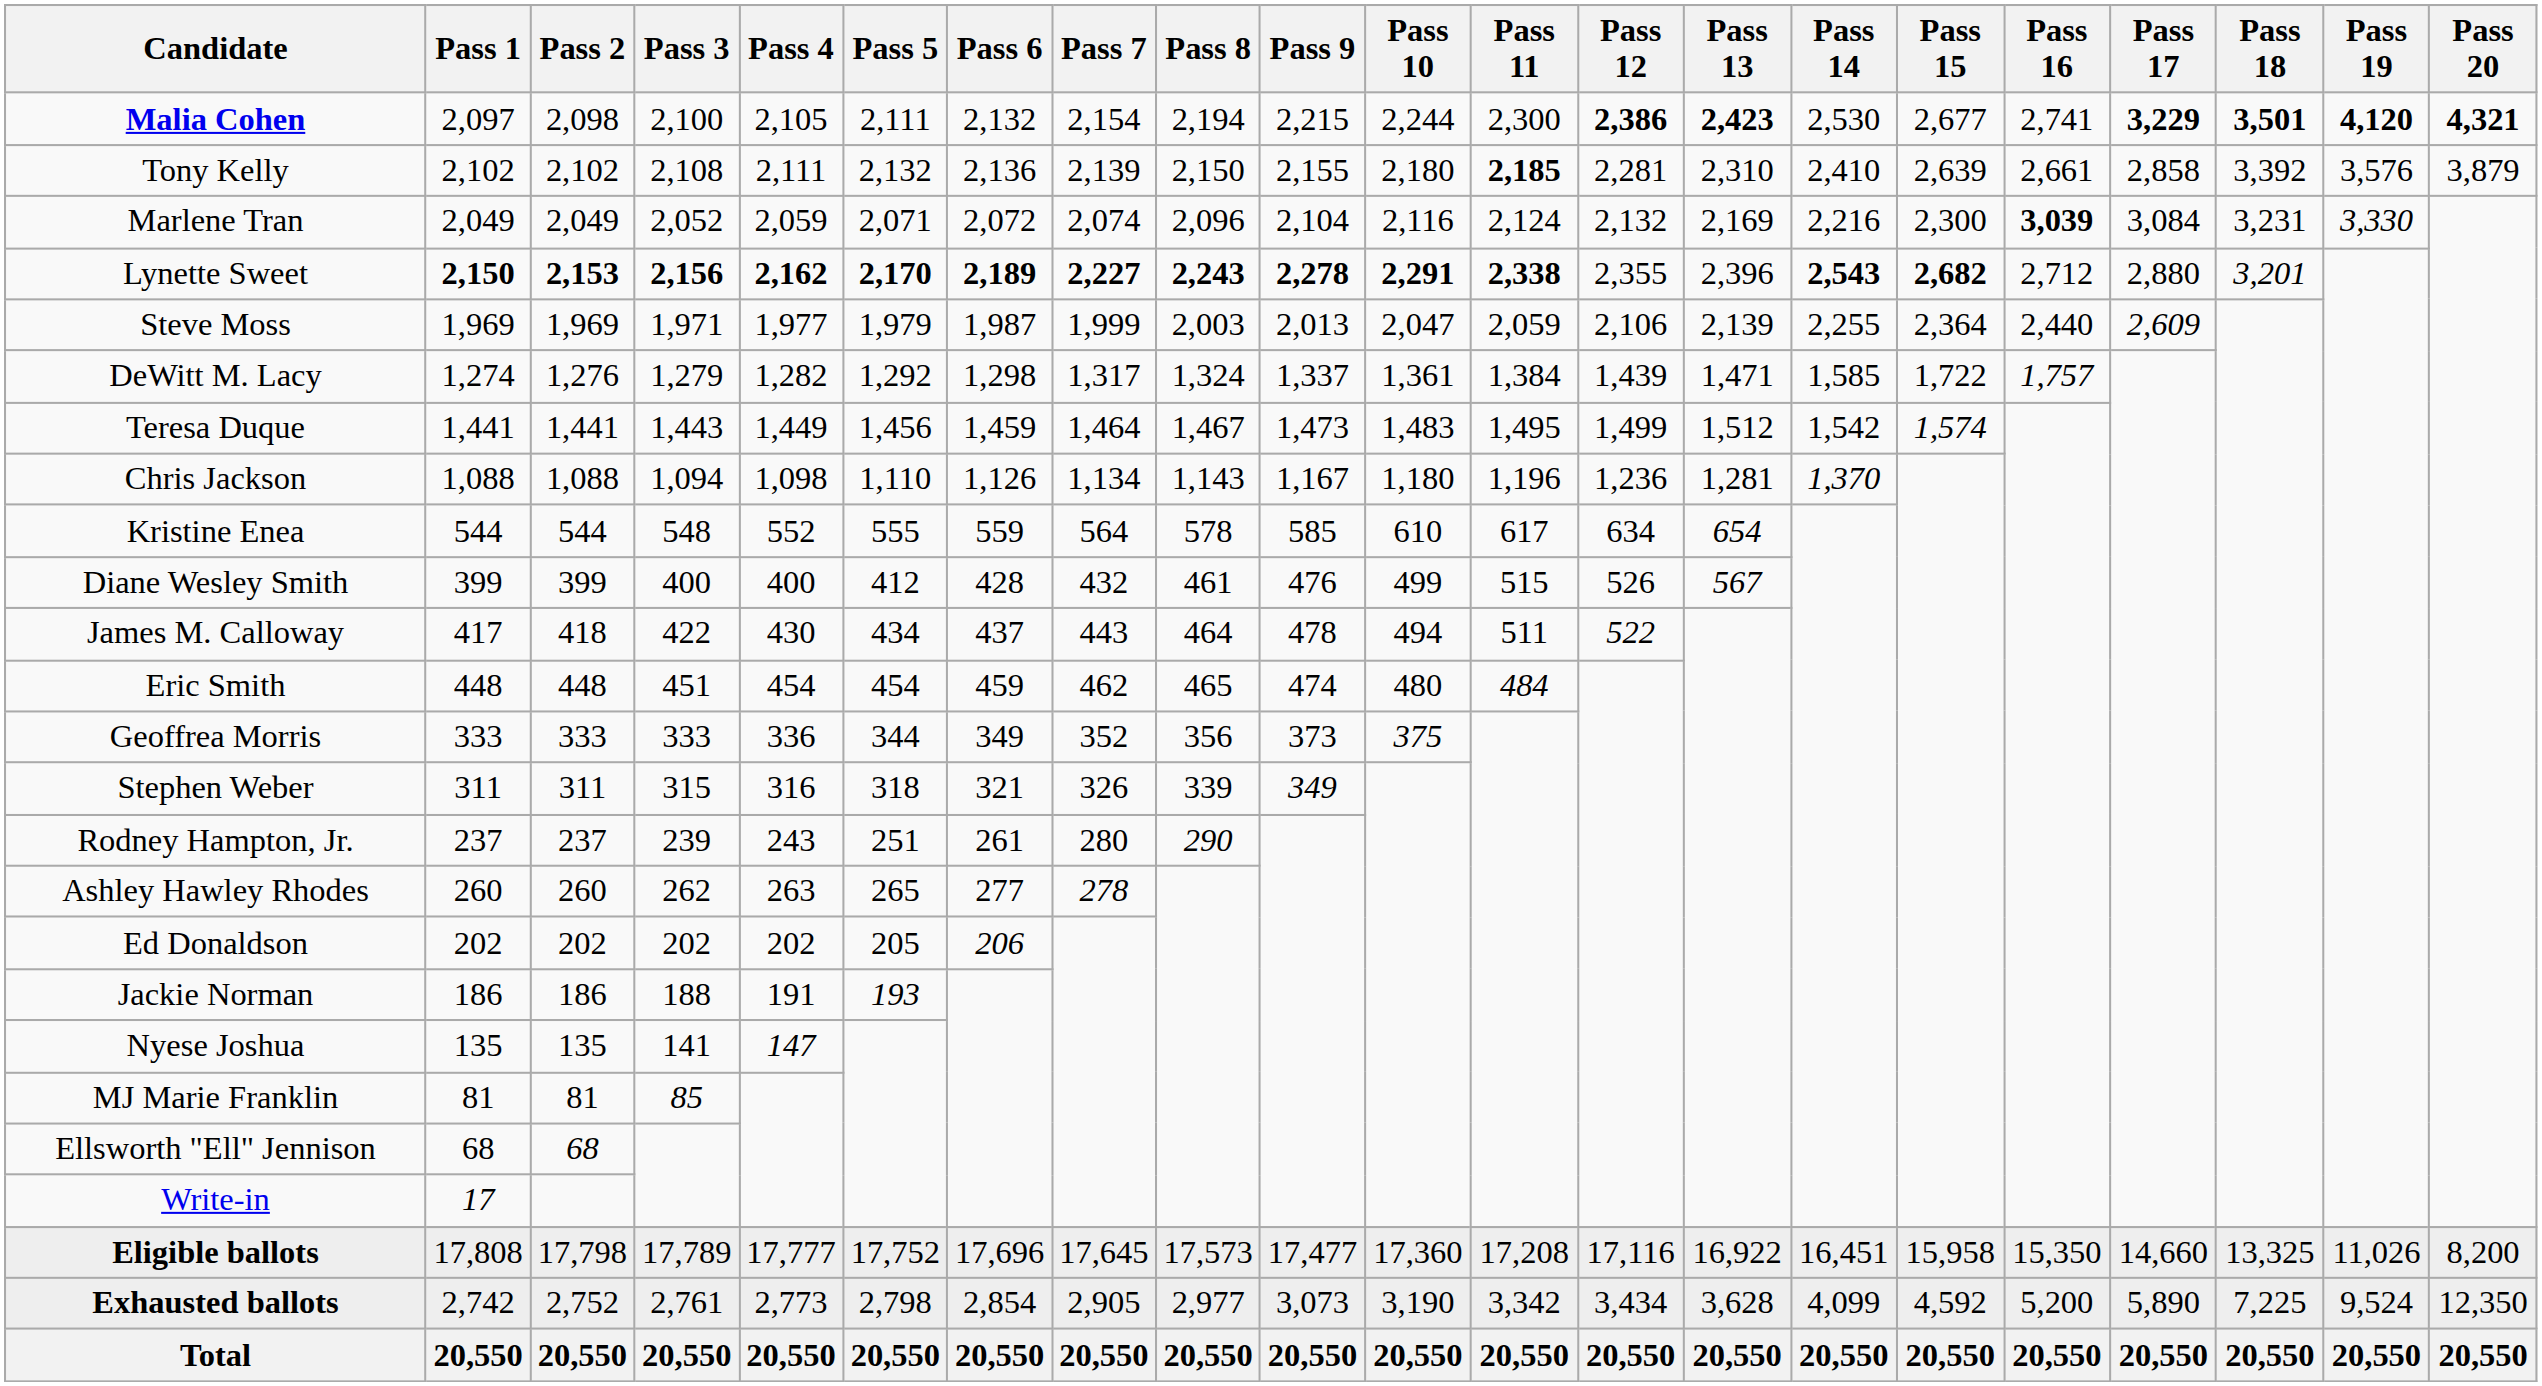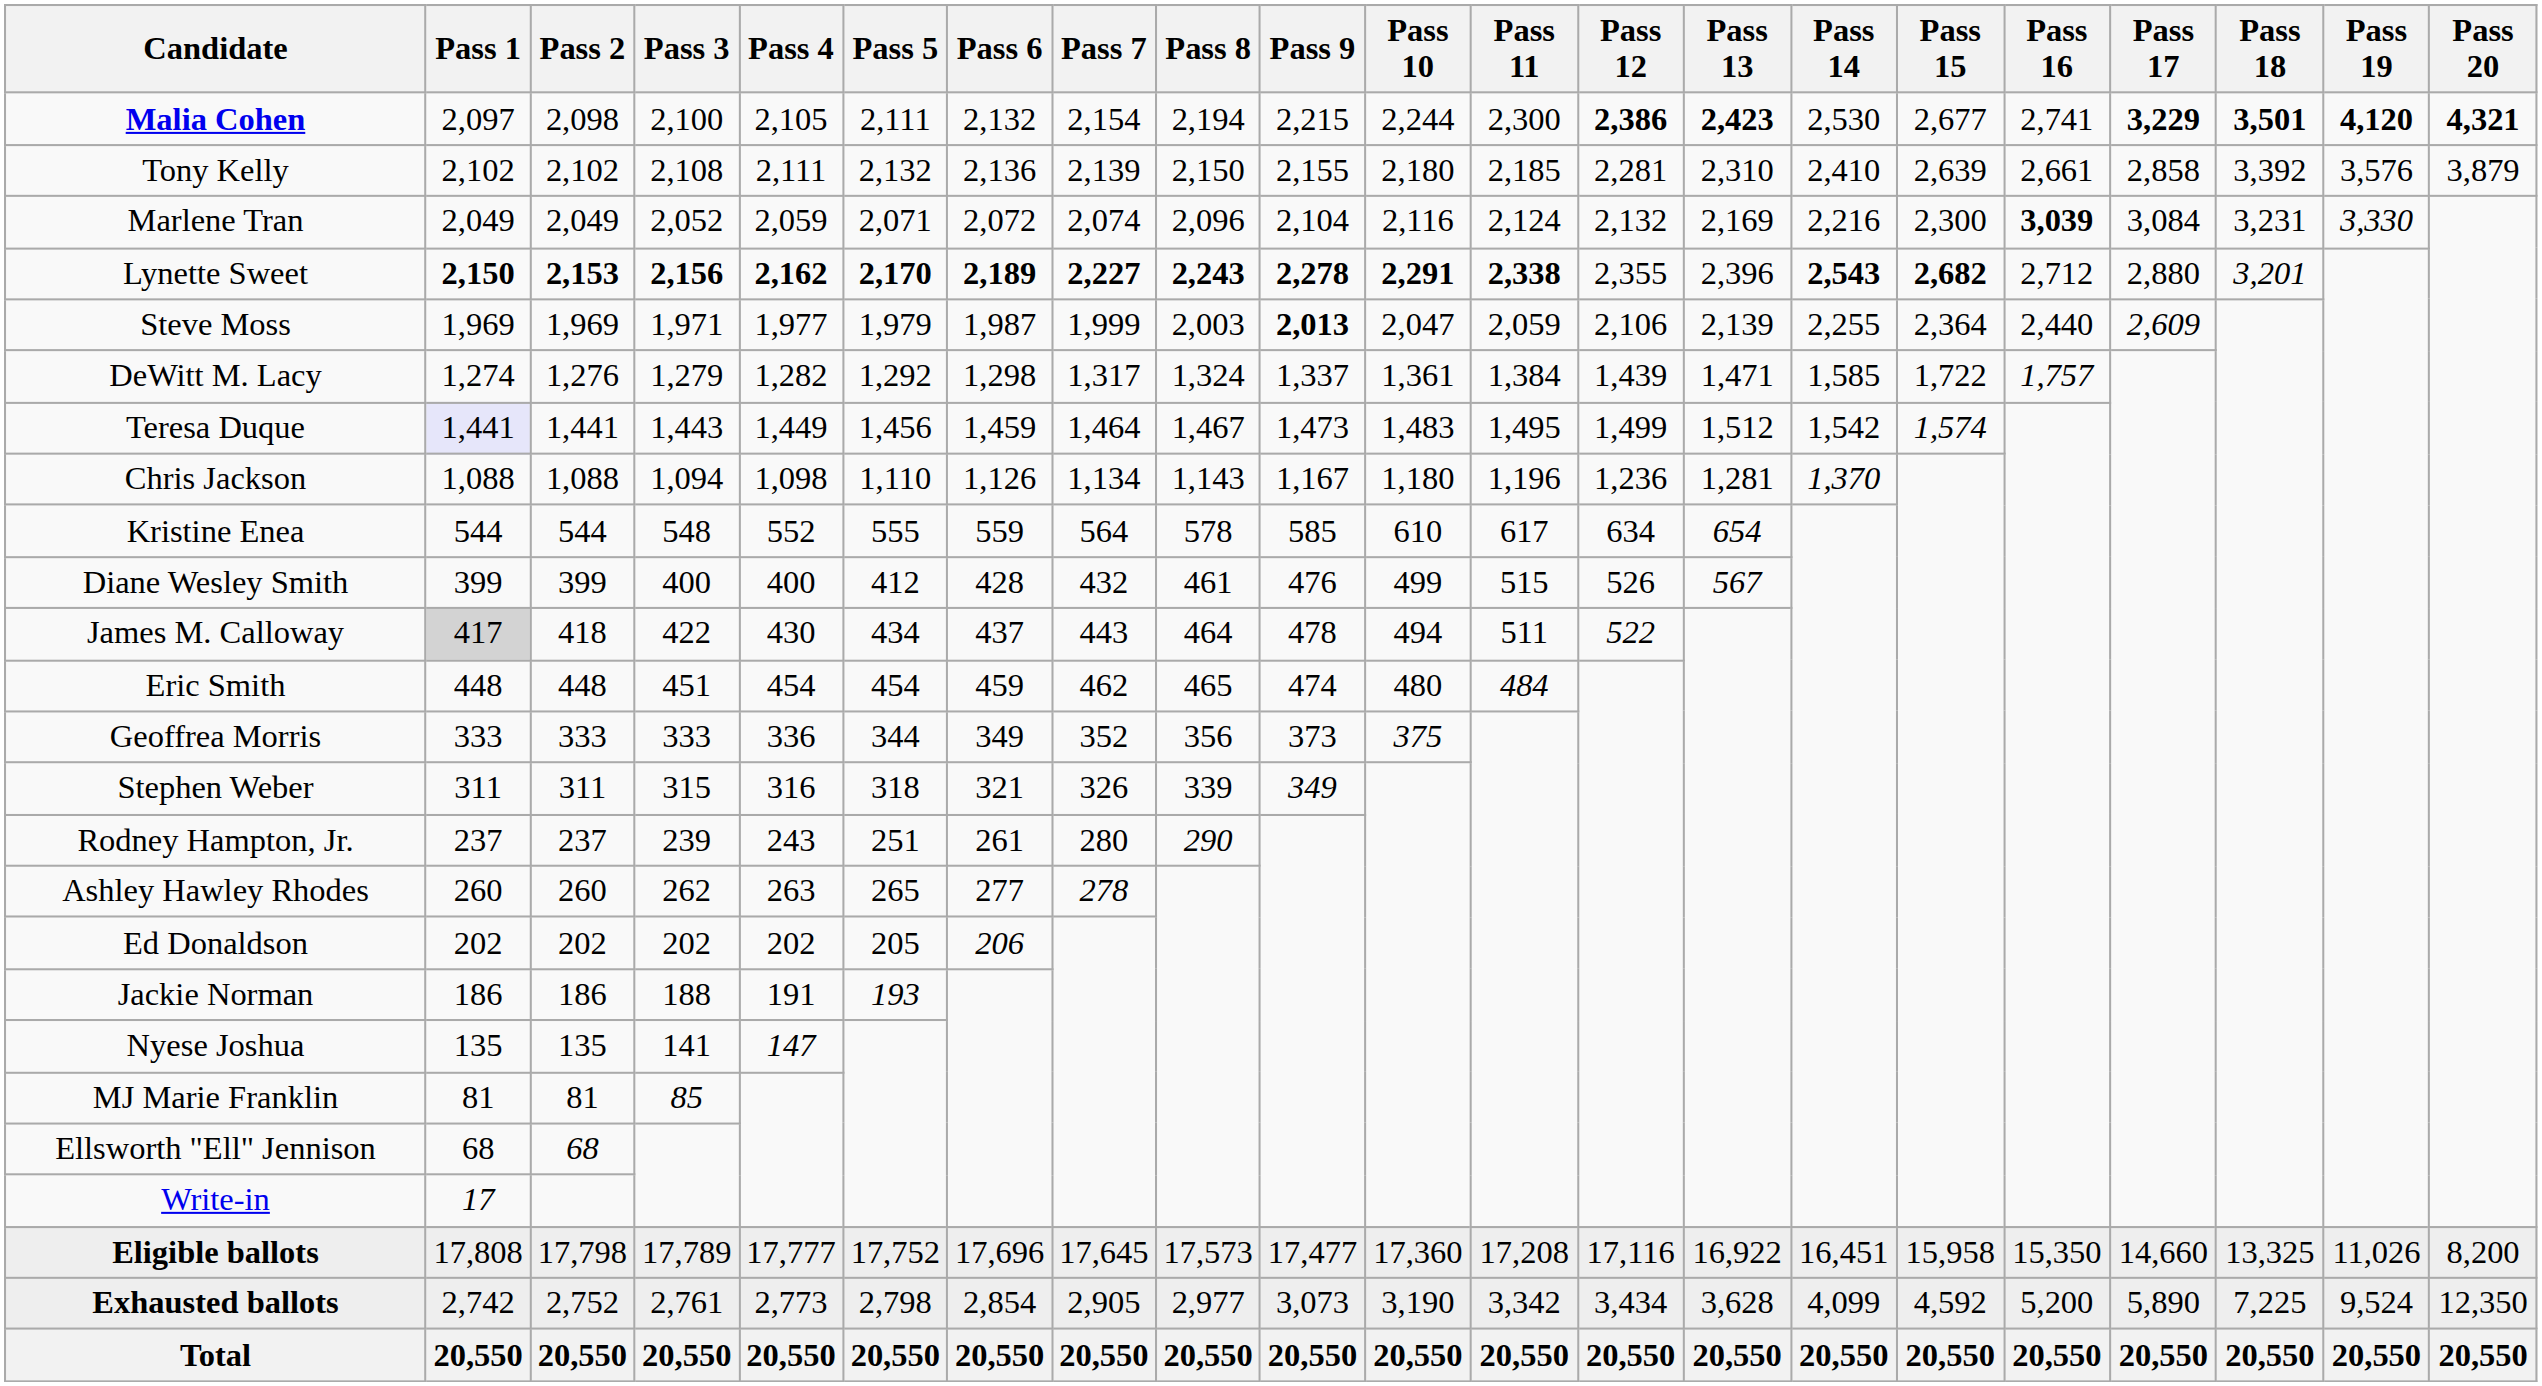 <table class="wikitable" style="text-align: center;">
 <tr>
 <th width="200">Candidate</th>
 <th>Pass 1</th>
 <th>Pass 2</th>
 <th>Pass 3</th>
 <th>Pass 4</th>
 <th>Pass 5</th>
 <th>Pass 6</th>
 <th>Pass 7</th>
 <th>Pass 8</th>
 <th>Pass 9</th>
 <th>Pass 10</th>
 <th>Pass 11</th>
 <th>Pass 12</th>
 <th>Pass 13</th>
 <th>Pass 14</th>
 <th>Pass 15</th>
 <th>Pass 16</th>
 <th>Pass 17</th>
 <th>Pass 18</th>
 <th>Pass 19</th>
 <th>Pass 20</th>
 </tr>
 <tr>
 <td><strong><a href='#'>Malia Cohen</a></strong></td>
 <td>2,097</td>
 <td>2,098</td>
 <td>2,100</td>
 <td>2,105</td>
 <td>2,111</td>
 <td>2,132</td>
 <td>2,154</td>
 <td>2,194</td>
 <td>2,215</td>
 <td>2,244</td>
 <td>2,300</td>
 <td><strong>2,386</strong></td>
 <td><strong>2,423</strong></td>
 <td>2,530</td>
 <td>2,677</td>
 <td>2,741</td>
 <td><strong>3,229</strong></td>
 <td><strong>3,501</strong></td>
 <td><strong>4,120</strong></td>
 <td><strong>4,321</strong></td>
 </tr>
 <tr>
 <td>Tony Kelly</td>
 <td>2,102</td>
 <td>2,102</td>
 <td>2,108</td>
 <td>2,111</td>
 <td>2,132</td>
 <td>2,136</td>
 <td>2,139</td>
 <td>2,150</td>
 <td>2,155</td>
 <td>2,180</td>
-<td><strong>2,185</strong></td>
+<td>2,185</td>
 <td>2,281</td>
 <td>2,310</td>
 <td>2,410</td>
 <td>2,639</td>
 <td>2,661</td>
 <td>2,858</td>
 <td>3,392</td>
 <td>3,576</td>
 <td>3,879</td>
 </tr>
 <tr>
 <td>Marlene Tran</td>
 <td>2,049</td>
 <td>2,049</td>
 <td>2,052</td>
 <td>2,059</td>
 <td>2,071</td>
 <td>2,072</td>
 <td>2,074</td>
 <td>2,096</td>
 <td>2,104</td>
 <td>2,116</td>
 <td>2,124</td>
 <td>2,132</td>
 <td>2,169</td>
 <td>2,216</td>
 <td>2,300</td>
 <td><strong>3,039</strong></td>
 <td>3,084</td>
 <td>3,231</td>
 <td><em>3,330</em></td>
 <td rowspan="20"></td>
 </tr>
 <tr>
 <td>Lynette Sweet</td>
 <td><strong>2,150</strong></td>
 <td><strong>2,153</strong></td>
 <td><strong>2,156</strong></td>
 <td><strong>2,162</strong></td>
 <td><strong>2,170</strong></td>
 <td><strong>2,189</strong></td>
 <td><strong>2,227</strong></td>
 <td><strong>2,243</strong></td>
 <td><strong>2,278</strong></td>
 <td><strong>2,291</strong></td>
 <td><strong>2,338</strong></td>
 <td>2,355</td>
 <td>2,396</td>
 <td><strong>2,543</strong></td>
 <td><strong>2,682</strong></td>
 <td>2,712</td>
 <td>2,880</td>
 <td><em>3,201</em></td>
 <td rowspan="19"></td>
 </tr>
 <tr>
 <td>Steve Moss</td>
 <td>1,969</td>
 <td>1,969</td>
 <td>1,971</td>
 <td>1,977</td>
 <td>1,979</td>
 <td>1,987</td>
 <td>1,999</td>
 <td>2,003</td>
-<td>2,013</td>
+<td><strong>2,013</strong></td>
 <td>2,047</td>
 <td>2,059</td>
 <td>2,106</td>
 <td>2,139</td>
 <td>2,255</td>
 <td>2,364</td>
 <td>2,440</td>
 <td><em>2,609</em></td>
 <td rowspan="18"></td>
 </tr>
 <tr>
 <td>DeWitt M. Lacy</td>
 <td>1,274</td>
 <td>1,276</td>
 <td>1,279</td>
 <td>1,282</td>
 <td>1,292</td>
 <td>1,298</td>
 <td>1,317</td>
 <td>1,324</td>
 <td>1,337</td>
 <td>1,361</td>
 <td>1,384</td>
 <td>1,439</td>
 <td>1,471</td>
 <td>1,585</td>
 <td>1,722</td>
 <td><em>1,757</em></td>
 <td rowspan="17"></td>
 </tr>
 <tr>
 <td>Teresa Duque</td>
-<td>1,441</td>
+<td style="background: lavender;">1,441</td>
 <td>1,441</td>
 <td>1,443</td>
 <td>1,449</td>
 <td>1,456</td>
 <td>1,459</td>
 <td>1,464</td>
 <td>1,467</td>
 <td>1,473</td>
 <td>1,483</td>
 <td>1,495</td>
 <td>1,499</td>
 <td>1,512</td>
 <td>1,542</td>
 <td><em>1,574</em></td>
 <td rowspan="16"></td>
 </tr>
 <tr>
 <td>Chris Jackson</td>
 <td>1,088</td>
 <td>1,088</td>
 <td>1,094</td>
 <td>1,098</td>
 <td>1,110</td>
 <td>1,126</td>
 <td>1,134</td>
 <td>1,143</td>
 <td>1,167</td>
 <td>1,180</td>
 <td>1,196</td>
 <td>1,236</td>
 <td>1,281</td>
 <td><em>1,370</em></td>
 <td rowspan="15"></td>
 </tr>
 <tr>
 <td>Kristine Enea</td>
 <td>544</td>
 <td>544</td>
 <td>548</td>
 <td>552</td>
 <td>555</td>
 <td>559</td>
 <td>564</td>
 <td>578</td>
 <td>585</td>
 <td>610</td>
 <td>617</td>
 <td>634</td>
 <td><em>654</em></td>
 <td rowspan="14"></td>
 </tr>
 <tr>
 <td>Diane Wesley Smith</td>
 <td>399</td>
 <td>399</td>
 <td>400</td>
 <td>400</td>
 <td>412</td>
 <td>428</td>
 <td>432</td>
 <td>461</td>
 <td>476</td>
 <td>499</td>
 <td>515</td>
 <td>526</td>
 <td><em>567</em></td>
 </tr>
 <tr>
 <td>James M. Calloway</td>
-<td>417</td>
+<td style="background: lightgrey;">417</td>
 <td>418</td>
 <td>422</td>
 <td>430</td>
 <td>434</td>
 <td>437</td>
 <td>443</td>
 <td>464</td>
 <td>478</td>
 <td>494</td>
 <td>511</td>
 <td><em>522</em></td>
 <td rowspan="12"></td>
 </tr>
 <tr>
 <td>Eric Smith</td>
 <td>448</td>
 <td>448</td>
 <td>451</td>
 <td>454</td>
 <td>454</td>
 <td>459</td>
 <td>462</td>
 <td>465</td>
 <td>474</td>
 <td>480</td>
 <td><em>484</em></td>
 <td rowspan="11"></td>
 </tr>
 <tr>
 <td>Geoffrea Morris</td>
 <td>333</td>
 <td>333</td>
 <td>333</td>
 <td>336</td>
 <td>344</td>
 <td>349</td>
 <td>352</td>
 <td>356</td>
 <td>373</td>
 <td><em>375</em></td>
 <td rowspan="10"></td>
 </tr>
 <tr>
 <td>Stephen Weber</td>
 <td>311</td>
 <td>311</td>
 <td>315</td>
 <td>316</td>
 <td>318</td>
 <td>321</td>
 <td>326</td>
 <td>339</td>
 <td><em>349</em></td>
 <td rowspan="9"></td>
 </tr>
 <tr>
 <td>Rodney Hampton, Jr.</td>
 <td>237</td>
 <td>237</td>
 <td>239</td>
 <td>243</td>
 <td>251</td>
 <td>261</td>
 <td>280</td>
 <td><em>290</em></td>
 <td rowspan="8"></td>
 </tr>
 <tr>
 <td>Ashley Hawley Rhodes</td>
 <td>260</td>
 <td>260</td>
 <td>262</td>
 <td>263</td>
 <td>265</td>
 <td>277</td>
 <td><em>278</em></td>
 <td rowspan="7"></td>
 </tr>
 <tr>
 <td>Ed Donaldson</td>
 <td>202</td>
 <td>202</td>
 <td>202</td>
 <td>202</td>
 <td>205</td>
 <td><em>206</em></td>
 <td rowspan="6"></td>
 </tr>
 <tr>
 <td>Jackie Norman</td>
 <td>186</td>
 <td>186</td>
 <td>188</td>
 <td>191</td>
 <td><em>193</em></td>
 <td rowspan="5"></td>
 </tr>
 <tr>
 <td>Nyese Joshua</td>
 <td>135</td>
 <td>135</td>
 <td>141</td>
 <td><em>147</em></td>
 <td rowspan="4"></td>
 </tr>
 <tr>
 <td>MJ Marie Franklin</td>
 <td>81</td>
 <td>81</td>
 <td><em>85</em></td>
 <td rowspan="3"></td>
 </tr>
 <tr>
 <td>Ellsworth "Ell" Jennison</td>
 <td>68</td>
 <td><em>68</em></td>
 <td rowspan="2"></td>
 </tr>
 <tr>
 <td><a href='#'>Write-in</a></td>
 <td><em>17</em></td>
 <td></td>
 </tr>
 <tr bgcolor="#EEEEEE">
 <td><strong>Eligible ballots</strong></td>
 <td>17,808</td>
 <td>17,798</td>
 <td>17,789</td>
 <td>17,777</td>
 <td>17,752</td>
 <td>17,696</td>
 <td>17,645</td>
 <td>17,573</td>
 <td>17,477</td>
 <td>17,360</td>
 <td>17,208</td>
 <td>17,116</td>
 <td>16,922</td>
 <td>16,451</td>
 <td>15,958</td>
 <td>15,350</td>
 <td>14,660</td>
 <td>13,325</td>
 <td>11,026</td>
 <td>8,200</td>
 </tr>
 <tr bgcolor="#EEEEEE">
 <td><strong>Exhausted ballots</strong></td>
 <td>2,742</td>
 <td>2,752</td>
 <td>2,761</td>
 <td>2,773</td>
 <td>2,798</td>
 <td>2,854</td>
 <td>2,905</td>
 <td>2,977</td>
 <td>3,073</td>
 <td>3,190</td>
 <td>3,342</td>
 <td>3,434</td>
 <td>3,628</td>
 <td>4,099</td>
 <td>4,592</td>
 <td>5,200</td>
 <td>5,890</td>
 <td>7,225</td>
 <td>9,524</td>
 <td>12,350</td>
 </tr>
 <tr>
 <th scope="row">Total</th>
 <th>20,550</th>
 <th>20,550</th>
 <th>20,550</th>
 <th>20,550</th>
 <th>20,550</th>
 <th>20,550</th>
 <th>20,550</th>
 <th>20,550</th>
 <th>20,550</th>
 <th>20,550</th>
 <th>20,550</th>
 <th>20,550</th>
 <th>20,550</th>
 <th>20,550</th>
 <th>20,550</th>
 <th>20,550</th>
 <th>20,550</th>
 <th>20,550</th>
 <th>20,550</th>
 <th>20,550</th>
 </tr>
 </table>
